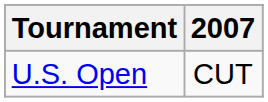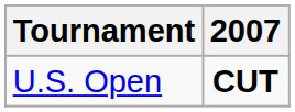 <table class="wikitable" style="font-size:95%;">
 <tr>
 <th>Tournament</th>
 <th>2007</th>
 </tr>
 <tr>
 <td><a href='#'>U.S. Open</a></td>
-<td align="center">CUT</td>
+<td align="center"><strong>CUT</strong></td>
 </tr>
 </table>
